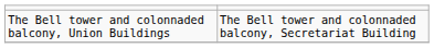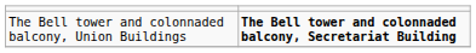 <table class="wikitable" align="right" width="50%" style="font-size:90%;">
 <tr>
 <td width="50%" align="center" valign="right"></td>
 <td width="50%" align="center" valign="right"></td>
 </tr>
 <tr>
 <td valign="right">The Bell tower and colonnaded balcony, Union Buildings</td>
-<td valign="right">The Bell tower and colonnaded balcony, Secretariat Building</td>
+<td valign="right"><strong>The Bell tower and colonnaded balcony, Secretariat Building</strong></td>
 </tr>
 <tr>
 </tr>
 </table>
